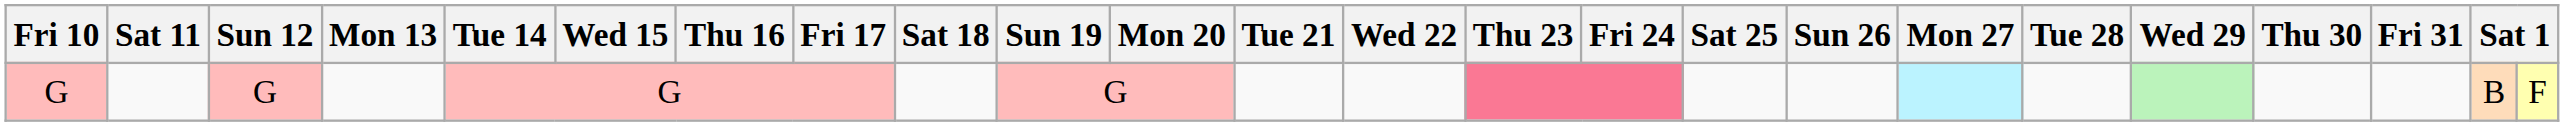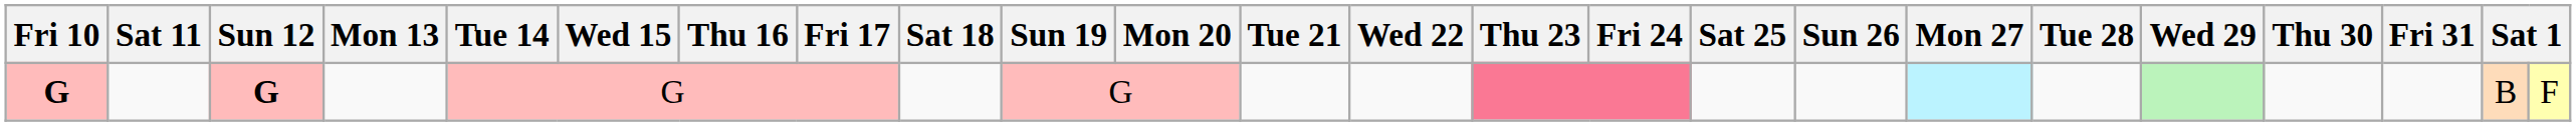 <table class="wikitable" style="margin:0.5em auto; font-size:90%; line-height:1.25em; text-align:center">
 <tr>
 <th>Fri 10</th>
 <th>Sat 11</th>
 <th>Sun 12</th>
 <th>Mon 13</th>
 <th>Tue 14</th>
 <th>Wed 15</th>
 <th>Thu 16</th>
 <th>Fri 17</th>
 <th>Sat 18</th>
 <th>Sun 19</th>
 <th>Mon 20</th>
 <th>Tue 21</th>
 <th>Wed 22</th>
 <th>Thu 23</th>
 <th>Fri 24</th>
 <th>Sat 25</th>
 <th>Sun 26</th>
 <th>Mon 27</th>
 <th>Tue 28</th>
 <th>Wed 29</th>
 <th colspan="2">Thu 30</th>
 <th>Fri 31</th>
 <th colspan="2">Sat 1</th>
 </tr>
 <tr>
-<td bgcolor="#FFBBBB">G</td>
+<td bgcolor="#FFBBBB"><strong>G</strong></td>
 <td></td>
-<td bgcolor="#FFBBBB">G</td>
+<td bgcolor="#FFBBBB"><strong>G</strong></td>
 <td></td>
 <td bgcolor="#FFBBBB" colspan="4">G</td>
 <td></td>
 <td bgcolor="#FFBBBB" colspan="2">G</td>
 <td></td>
 <td></td>
 <td bgcolor="#FA7894" colspan="2"></td>
 <td></td>
 <td></td>
 <td bgcolor="#BBF3FF"></td>
 <td></td>
 <td bgcolor="#BBF3BB"></td>
 <td colspan=2></td>
 <td></td>
 <td bgcolor="#FEDCBA">B</td>
 <td bgcolor="#FFFFB">F</td>
 </tr>
 </table>
